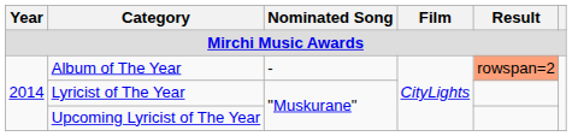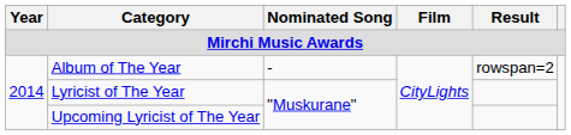 <table class="wikitable plainrowheaders">
 <tr>
 <th>Year</th>
 <th>Category</th>
 <th>Nominated Song</th>
 <th>Film</th>
 <th>Result</th>
 <th></th>
 </tr>
 <tr>
 <td colspan="6" style="text-align: center; background:#ddd; "><strong><a href='#'>Mirchi Music Awards</a></strong></td>
 </tr>
 <tr>
 <td rowspan=3><a href='#'>2014</a></td>
 <td><a href='#'>Album of The Year</a></td>
 <td>-</td>
 <td rowspan=3><em><a href='#'>CityLights</a></em></td>
-<td style="background: lightsalmon;">rowspan=2 </td>
+<td>rowspan=2 </td>
 <td rowspan=3 style="text-align: center;"></td>
 </tr>
 <tr>
 <td><a href='#'>Lyricist of The Year</a></td>
 <td rowspan=2>"<a href='#'>Muskurane</a>"</td>
 </tr>
 <tr>
 <td><a href='#'>Upcoming Lyricist of The Year</a></td>
 <td></td>
 </tr>
 </table>
